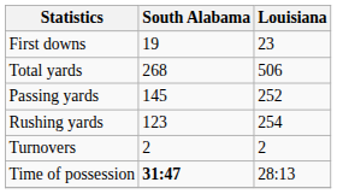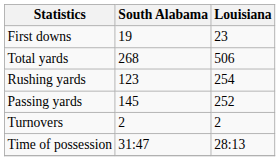 <table class="wikitable">
 <tr>
 <th>Statistics</th>
 <th>South Alabama</th>
 <th>Louisiana</th>
 </tr>
 <tr>
 <td>First downs</td>
 <td>19</td>
 <td>23</td>
 </tr>
 <tr>
 <td>Total yards</td>
 <td>268</td>
 <td>506</td>
 </tr>
 <tr>
+<td>Rushing yards</td>
+<td>123</td>
+<td>254</td>
+</tr>
+<tr>
 <td>Passing yards</td>
 <td>145</td>
 <td>252</td>
-</tr>
-<tr>
-<td>Rushing yards</td>
-<td>123</td>
-<td>254</td>
 </tr>
 <tr>
 <td>Turnovers</td>
 <td>2</td>
 <td>2</td>
 </tr>
 <tr>
 <td>Time of possession</td>
-<td><strong>31:47</strong></td>
+<td>31:47</td>
 <td>28:13</td>
 </tr>
 <tr>
 </tr>
 </table>
